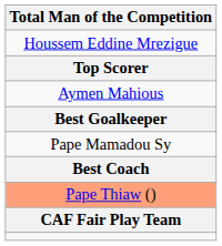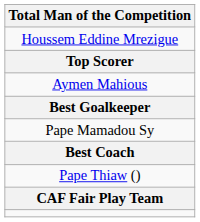 <table class="wikitable" style="margin:auto;text-align:center">
 <tr>
 <th>Total Man of the Competition</th>
 </tr>
 <tr>
 <td> <a href='#'>Houssem Eddine Mrezigue</a></td>
 </tr>
 <tr>
 <th>Top Scorer</th>
 </tr>
 <tr>
 <td> <a href='#'>Aymen Mahious</a><br></td>
 </tr>
 <tr>
 <th>Best Goalkeeper</th>
 </tr>
 <tr>
 <td> Pape Mamadou Sy</td>
 </tr>
 <tr>
 <th>Best Coach</th>
 </tr>
 <tr>
-<td style="background: lightsalmon;"> <a href='#'>Pape Thiaw</a> ()</td>
+<td> <a href='#'>Pape Thiaw</a> ()</td>
 </tr>
 <tr>
 <th>CAF Fair Play Team</th>
 </tr>
 <tr>
 <td></td>
 </tr>
 </table>
